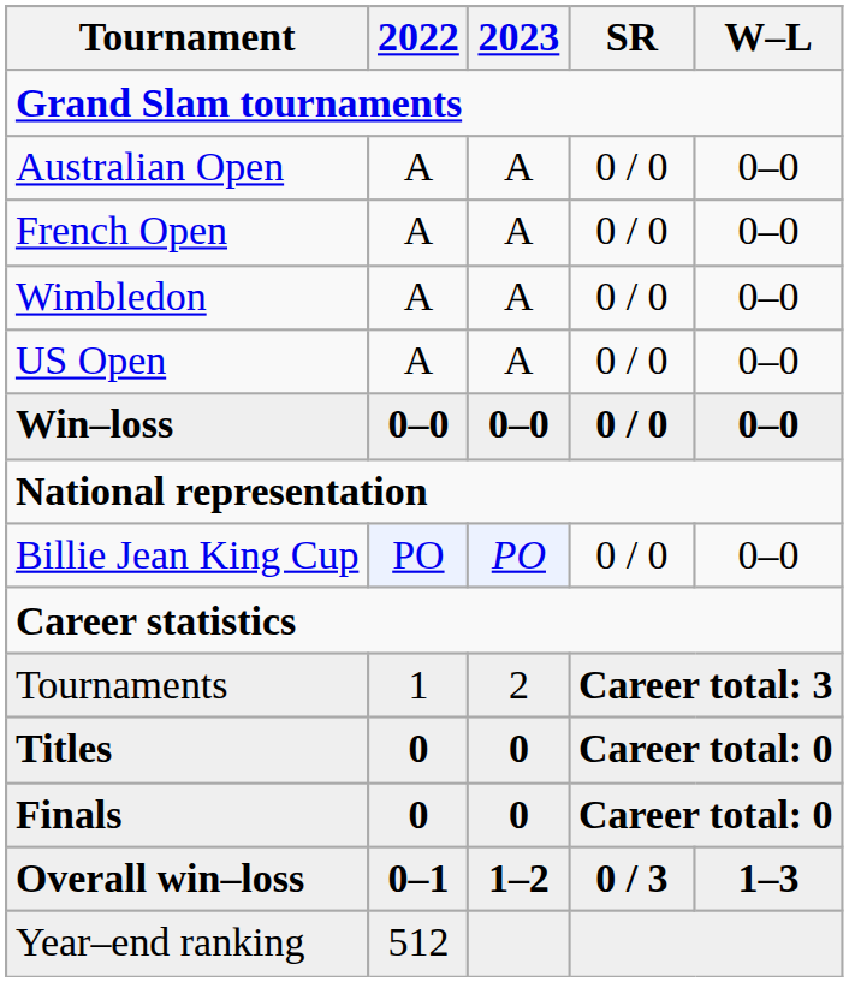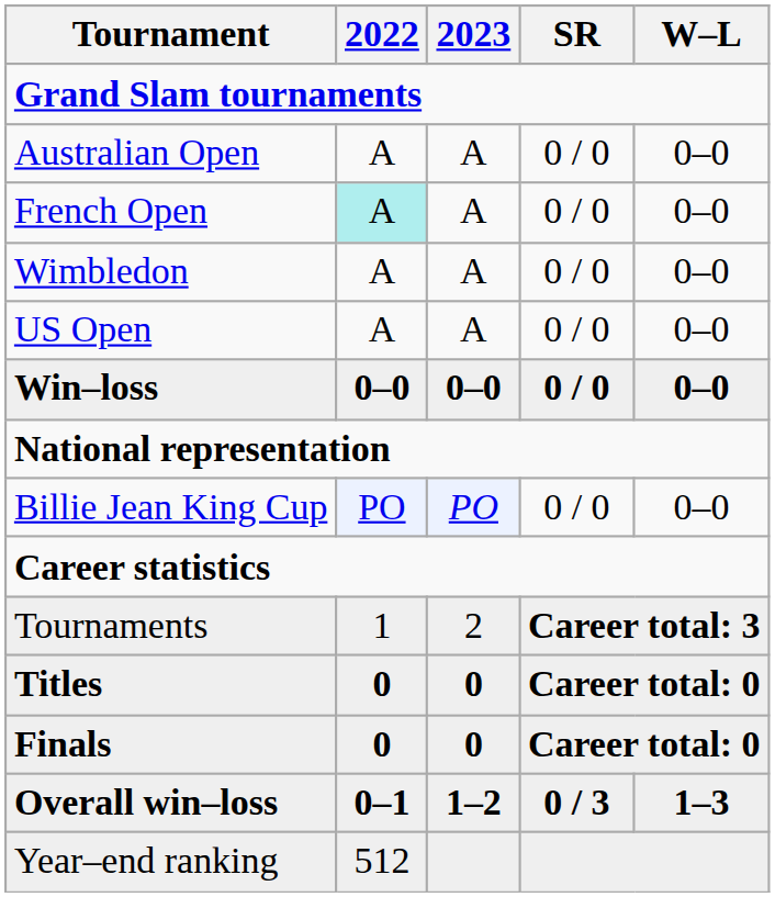 <table class="wikitable" style="text-align:center">
 <tr>
 <th>Tournament</th>
 <th><a href='#'>2022</a></th>
 <th><a href='#'>2023</a></th>
 <th>SR</th>
 <th>W–L</th>
 </tr>
 <tr>
 <td colspan="6" align="left"><strong><a href='#'>Grand Slam tournaments</a></strong></td>
 </tr>
 <tr>
 <td align="left"><a href='#'>Australian Open</a></td>
 <td>A</td>
 <td>A</td>
 <td>0 / 0</td>
 <td>0–0</td>
 </tr>
 <tr>
 <td align="left"><a href='#'>French Open</a></td>
-<td>A</td>
+<td style="background: paleturquoise;">A</td>
 <td>A</td>
 <td>0 / 0</td>
 <td>0–0</td>
 </tr>
 <tr>
 <td align="left"><a href='#'>Wimbledon</a></td>
 <td>A</td>
 <td>A</td>
 <td>0 / 0</td>
 <td>0–0</td>
 </tr>
 <tr>
 <td align="left"><a href='#'>US Open</a></td>
 <td>A</td>
 <td>A</td>
 <td>0 / 0</td>
 <td>0–0</td>
 </tr>
 <tr style="background:#efefef;font-weight:bold">
 <td align="left">Win–loss</td>
 <td>0–0</td>
 <td>0–0</td>
 <td>0 / 0</td>
 <td>0–0</td>
 </tr>
 <tr>
 <td colspan="6" align="left"><strong>National representation</strong></td>
 </tr>
 <tr>
 <td align="left"><a href='#'>Billie Jean King Cup</a></td>
 <td bgcolor=ecf2ff><a href='#'>PO</a></td>
 <td bgcolor=ecf2ff><em><a href='#'>PO</a></em></td>
 <td>0 / 0</td>
 <td>0–0</td>
 </tr>
 <tr>
 <td colspan="6" align="left"><strong>Career statistics</strong></td>
 </tr>
 <tr bgcolor="efefef">
 <td align="left">Tournaments</td>
 <td>1</td>
 <td>2</td>
 <td colspan="3"><strong>Career total: 3</strong></td>
 </tr>
 <tr style="background:#efefef;font-weight:bold">
 <td align="left">Titles</td>
 <td>0</td>
 <td>0</td>
 <td colspan="3">Career total: 0</td>
 </tr>
 <tr style="background:#efefef;font-weight:bold">
 <td align="left">Finals</td>
 <td>0</td>
 <td>0</td>
 <td colspan="3">Career total: 0</td>
 </tr>
 <tr style="background:#efefef;font-weight:bold">
 <td align="left">Overall win–loss</td>
 <td>0–1</td>
 <td>1–2</td>
 <td>0 / 3</td>
 <td>1–3</td>
 </tr>
 <tr bgcolor="efefef">
 <td align="left">Year–end ranking</td>
 <td>512</td>
 <td></td>
 <td colspan="3"></td>
 </tr>
 </table>
